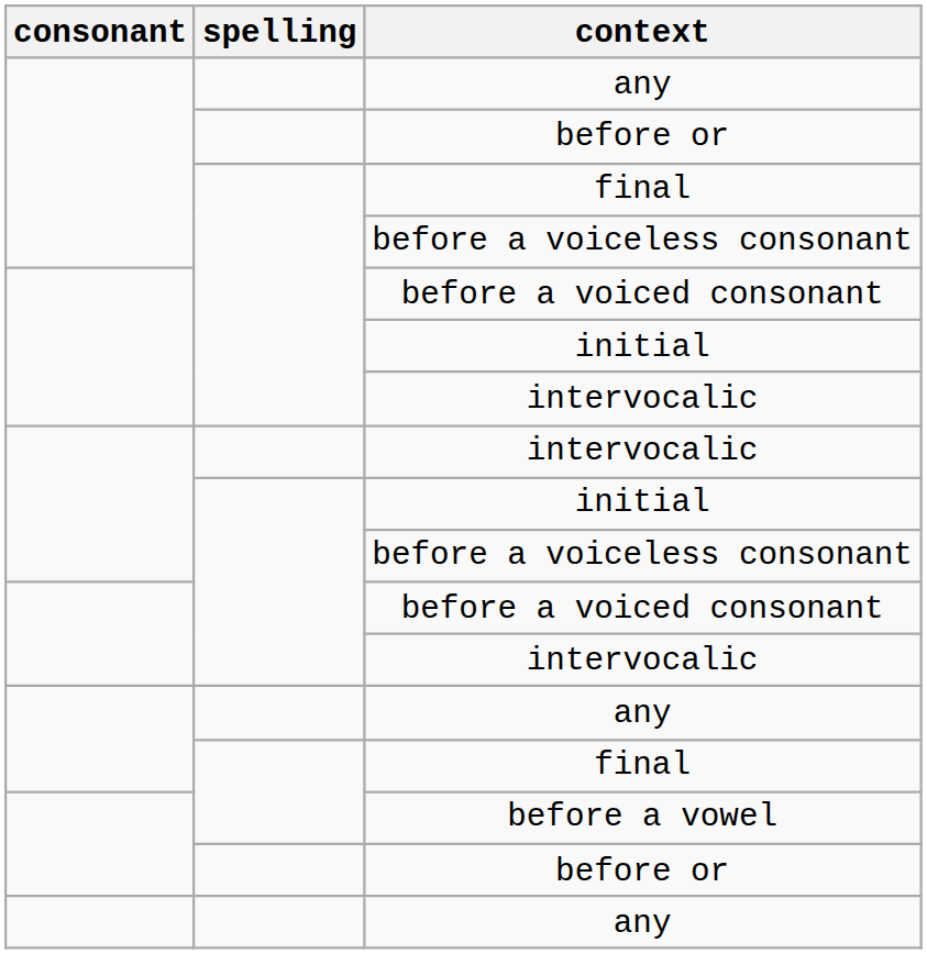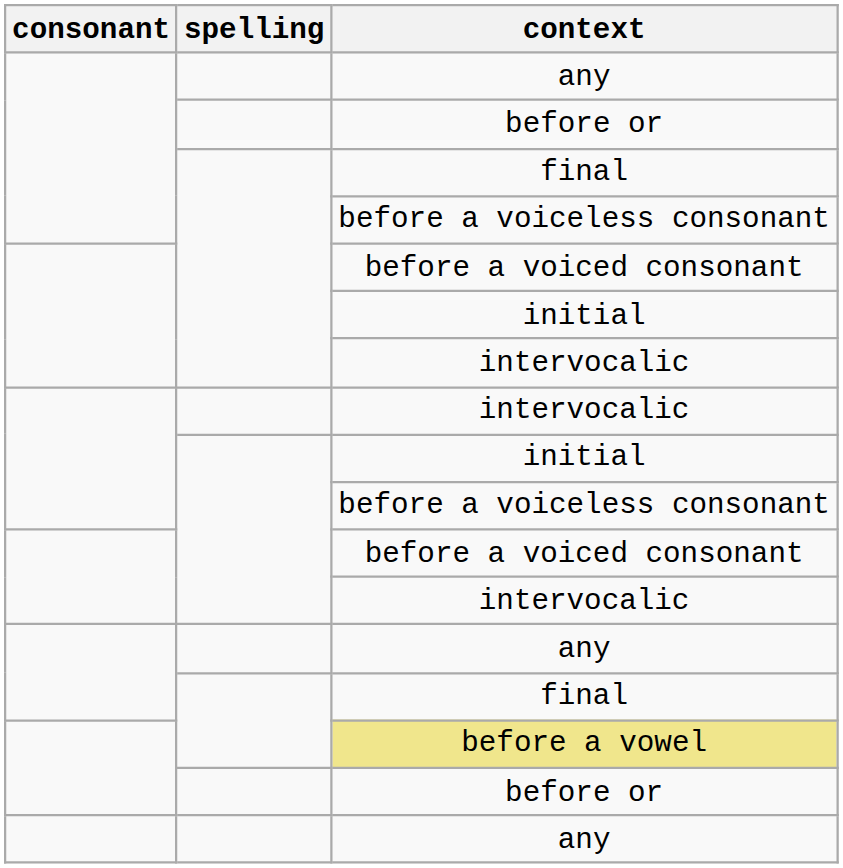 <table class="wikitable" style="text-align: center;">
 <tr>
 <th scope="col">consonant</th>
 <th scope="col">spelling</th>
 <th scope="col">context</th>
 </tr>
 <tr>
 <td rowspan="4"></td>
 <td></td>
 <td>any</td>
 </tr>
 <tr>
 <td></td>
 <td>before  or </td>
 </tr>
 <tr>
 <td rowspan="5"></td>
 <td>final</td>
 </tr>
 <tr>
 <td>before a voiceless consonant</td>
 </tr>
 <tr>
 <td rowspan="3"></td>
 <td>before a voiced consonant</td>
 </tr>
 <tr>
 <td>initial</td>
 </tr>
 <tr>
 <td>intervocalic</td>
 </tr>
 <tr>
 <td rowspan="3"></td>
 <td></td>
 <td>intervocalic</td>
 </tr>
 <tr>
 <td rowspan="4"></td>
 <td>initial</td>
 </tr>
 <tr>
 <td>before a voiceless consonant</td>
 </tr>
 <tr>
 <td rowspan="2"></td>
 <td>before a voiced consonant</td>
 </tr>
 <tr>
 <td>intervocalic</td>
 </tr>
 <tr>
 <td rowspan="2"></td>
 <td></td>
 <td>any</td>
 </tr>
 <tr>
 <td rowspan="2"></td>
 <td>final</td>
 </tr>
 <tr>
 <td rowspan="2"></td>
-<td>before a vowel</td>
+<td style="background: khaki;">before a vowel</td>
 </tr>
 <tr>
 <td></td>
 <td>before  or </td>
 </tr>
 <tr>
 <td></td>
 <td></td>
 <td>any</td>
 </tr>
 </table>
